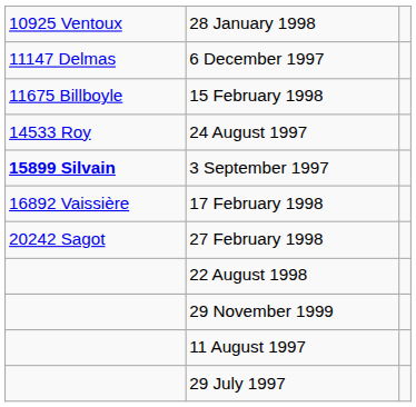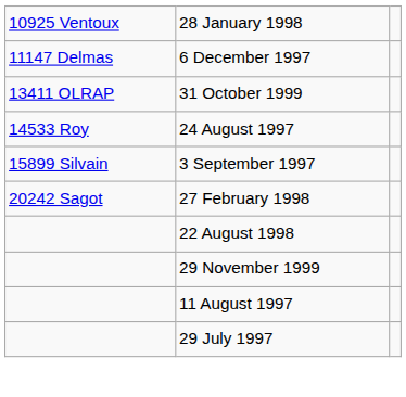 <table class="wikitable" style="font-size: 89%; float: left; width: 24em; margin-right: 1em; line-height: 1.65em !important;">
 <tr>
 <td><a href='#'>10925 Ventoux</a></td>
 <td>28 January 1998</td>
 <td></td>
 </tr>
 <tr>
 <td><a href='#'>11147 Delmas</a></td>
 <td>6 December 1997</td>
 <td></td>
 </tr>
 <tr>
-<td><a href='#'>11675 Billboyle</a></td>
-<td>15 February 1998</td>
+<td><a href='#'>13411 OLRAP</a></td>
+<td>31 October 1999</td>
 <td></td>
 </tr>
 <tr>
 <td><a href='#'>14533 Roy</a></td>
 <td>24 August 1997</td>
 <td></td>
 </tr>
 <tr>
-<td><strong><a href='#'>15899 Silvain</a></strong></td>
+<td><a href='#'>15899 Silvain</a></td>
 <td>3 September 1997</td>
-<td></td>
-</tr>
-<tr>
-<td><a href='#'>16892 Vaissière</a></td>
-<td>17 February 1998</td>
 <td></td>
 </tr>
 <tr>
 <td><a href='#'>20242 Sagot</a></td>
 <td>27 February 1998</td>
 <td></td>
 </tr>
 <tr>
 <td></td>
 <td>22 August 1998</td>
 <td></td>
 </tr>
 <tr>
 <td></td>
 <td>29 November 1999</td>
 <td></td>
 </tr>
 <tr>
 <td></td>
 <td>11 August 1997</td>
 <td></td>
 </tr>
 <tr>
 <td></td>
 <td>29 July 1997</td>
 <td></td>
 </tr>
 </table>
